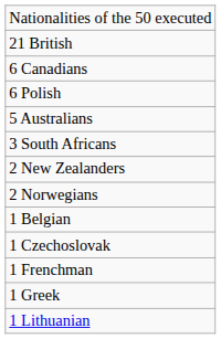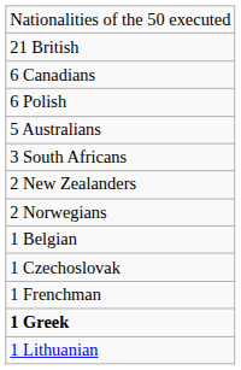 <table class="wikitable" align="right">
 <tr>
 <td>Nationalities of the 50 executed</td>
 </tr>
 <tr>
 <td>21 British</td>
 </tr>
 <tr>
 <td>6 Canadians</td>
 </tr>
 <tr>
 <td>6 Polish</td>
 </tr>
 <tr>
 <td>5 Australians</td>
 </tr>
 <tr>
 <td>3 South Africans</td>
 </tr>
 <tr>
 <td>2 New Zealanders</td>
 </tr>
 <tr>
 <td>2 Norwegians</td>
 </tr>
 <tr>
 <td>1 Belgian</td>
 </tr>
 <tr>
 <td>1 Czechoslovak</td>
 </tr>
 <tr>
 <td>1 Frenchman</td>
 </tr>
 <tr>
-<td>1 Greek</td>
+<td><strong>1 Greek</strong></td>
 </tr>
 <tr>
 <td><a href='#'>1 Lithuanian</a></td>
 </tr>
 </table>
